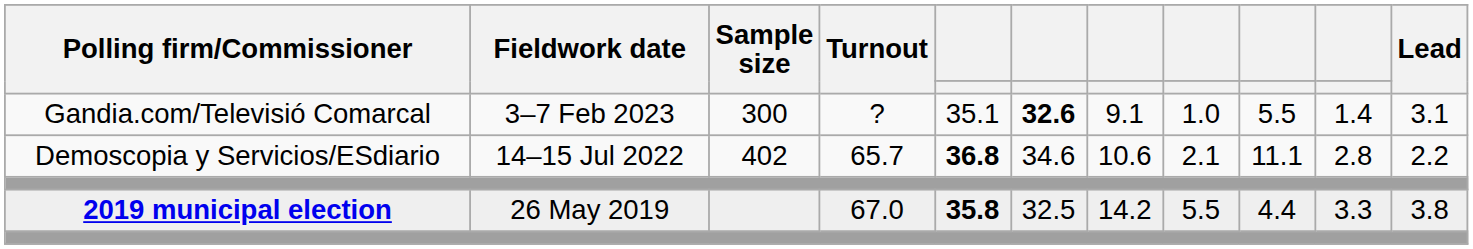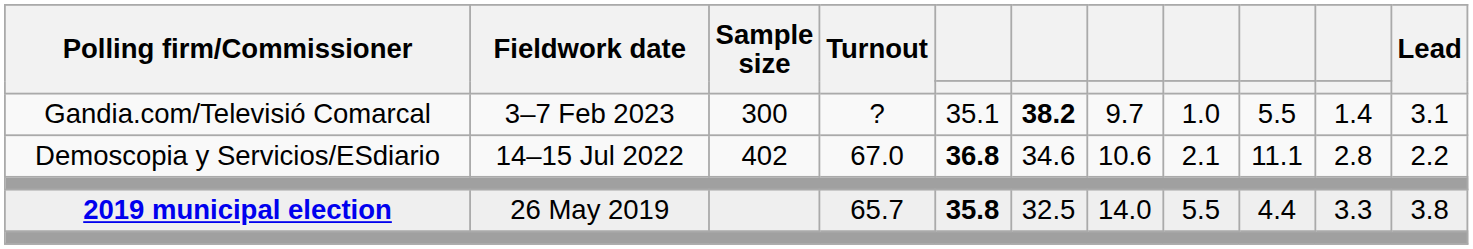 <table class="wikitable collapsible collapsed" style="text-align:center; font-size:95%; line-height:16px;">
 <tr style="height:42px;">
 <th style="width:250px;" rowspan="2">Polling firm/Commissioner</th>
 <th style="width:125px;" rowspan="2">Fieldwork date</th>
 <th style="width:50px;" rowspan="2">Sample size</th>
 <th style="width:45px;" rowspan="2">Turnout</th>
 <th style="width:35px;"></th>
 <th style="width:35px;"></th>
 <th style="width:35px;"></th>
 <th style="width:35px;"></th>
 <th style="width:35px;"></th>
 <th style="width:35px;"></th>
 <th style="width:30px;" rowspan="2">Lead</th>
 </tr>
 <tr>
 <th style="color:inherit;background:"></th>
 <th style="color:inherit;background:"></th>
 <th style="color:inherit;background:"></th>
 <th style="color:inherit;background:"></th>
 <th style="color:inherit;background:"></th>
 <th style="color:inherit;background:"></th>
 </tr>
 <tr>
 <td>Gandia.com/Televisió Comarcal</td>
 <td>3–7 Feb 2023</td>
 <td>300</td>
 <td>?</td>
 <td>35.1<br></td>
-<td><strong>32.6</strong><br></td>
-<td>9.1<br></td>
+<td><strong>38.2</strong><br></td>
+<td>9.7<br></td>
 <td>1.0<br></td>
 <td>5.5<br></td>
 <td>1.4<br></td>
 <td style="background:">3.1</td>
 </tr>
 <tr>
 <td>Demoscopia y Servicios/ESdiario</td>
 <td>14–15 Jul 2022</td>
 <td>402</td>
-<td>65.7</td>
+<td>67.0</td>
 <td><strong>36.8</strong><br></td>
 <td>34.6<br></td>
 <td>10.6<br></td>
 <td>2.1<br></td>
 <td>11.1<br></td>
 <td>2.8<br></td>
 <td style="background:">2.2</td>
 </tr>
 <tr>
 <td colspan="11" style="background:#A0A0A0"></td>
 </tr>
 <tr style="background:#EFEFEF;">
 <td><strong><a href='#'>2019 municipal election</a></strong></td>
 <td>26 May 2019</td>
 <td></td>
-<td>67.0</td>
+<td>65.7</td>
 <td><strong>35.8</strong><br></td>
 <td>32.5<br></td>
-<td>14.2<br></td>
+<td>14.0<br></td>
 <td>5.5<br></td>
 <td>4.4<br></td>
 <td>3.3<br></td>
 <td style="background:">3.8</td>
 </tr>
 <tr>
 <td colspan="11" style="background:#A0A0A0"></td>
 </tr>
 </table>
